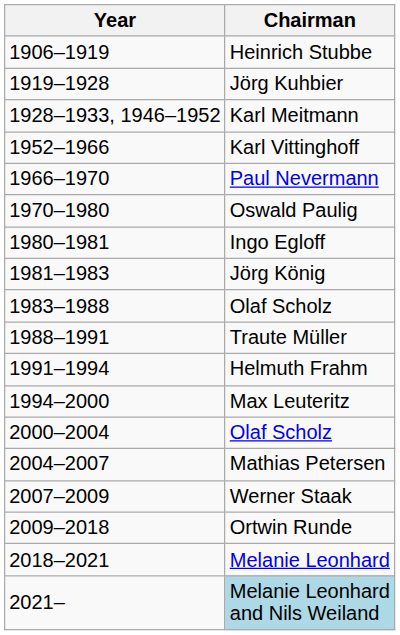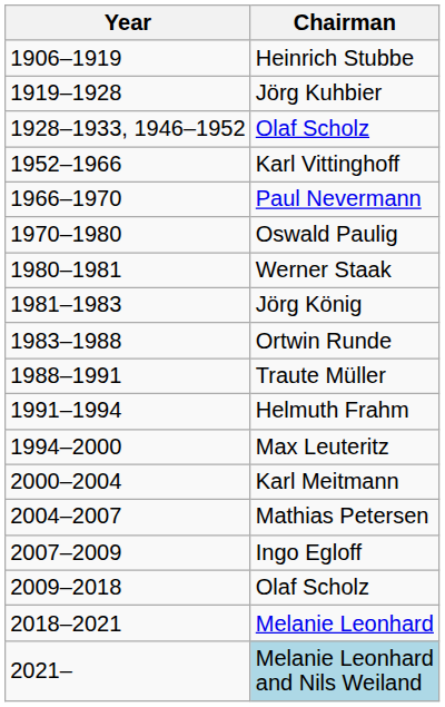 <table class="wikitable">
 <tr class="hintergrundfarbe6">
 <th>Year</th>
 <th>Chairman</th>
 </tr>
 <tr>
 <td>1906–1919</td>
 <td>Heinrich Stubbe</td>
 </tr>
 <tr>
 <td>1919–1928</td>
 <td>Jörg Kuhbier</td>
 </tr>
 <tr>
 <td>1928–1933, 1946–1952</td>
-<td>Karl Meitmann</td>
+<td><a href='#'>Olaf Scholz</a></td>
 </tr>
 <tr>
 <td>1952–1966</td>
 <td>Karl Vittinghoff</td>
 </tr>
 <tr>
 <td>1966–1970</td>
 <td><a href='#'>Paul Nevermann</a></td>
 </tr>
 <tr>
 <td>1970–1980</td>
 <td>Oswald Paulig</td>
 </tr>
 <tr>
 <td>1980–1981</td>
-<td>Ingo Egloff</td>
+<td>Werner Staak</td>
 </tr>
 <tr>
 <td>1981–1983</td>
 <td>Jörg König</td>
 </tr>
 <tr>
 <td>1983–1988</td>
-<td>Olaf Scholz</td>
+<td>Ortwin Runde</td>
 </tr>
 <tr>
 <td>1988–1991</td>
 <td>Traute Müller</td>
 </tr>
 <tr>
 <td>1991–1994</td>
 <td>Helmuth Frahm</td>
 </tr>
 <tr>
 <td>1994–2000</td>
 <td>Max Leuteritz</td>
 </tr>
 <tr>
 <td>2000–2004</td>
-<td><a href='#'>Olaf Scholz</a></td>
+<td>Karl Meitmann</td>
 </tr>
 <tr>
 <td>2004–2007</td>
 <td>Mathias Petersen</td>
 </tr>
 <tr>
 <td>2007–2009</td>
-<td>Werner Staak</td>
+<td>Ingo Egloff</td>
 </tr>
 <tr>
 <td>2009–2018</td>
-<td>Ortwin Runde</td>
+<td>Olaf Scholz</td>
 </tr>
 <tr>
 <td>2018–2021</td>
 <td><a href='#'>Melanie Leonhard</a></td>
 </tr>
 <tr>
 <td>2021–</td>
 <td style="background: lightblue;">Melanie Leonhard<br>and Nils Weiland</td>
 </tr>
 </table>
